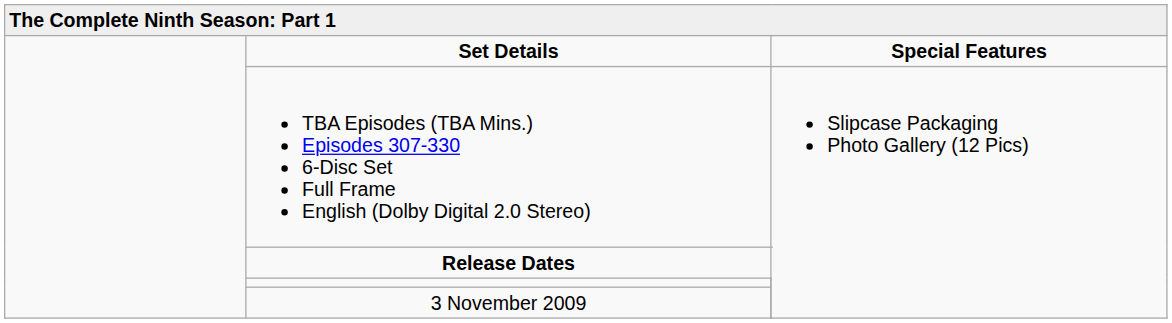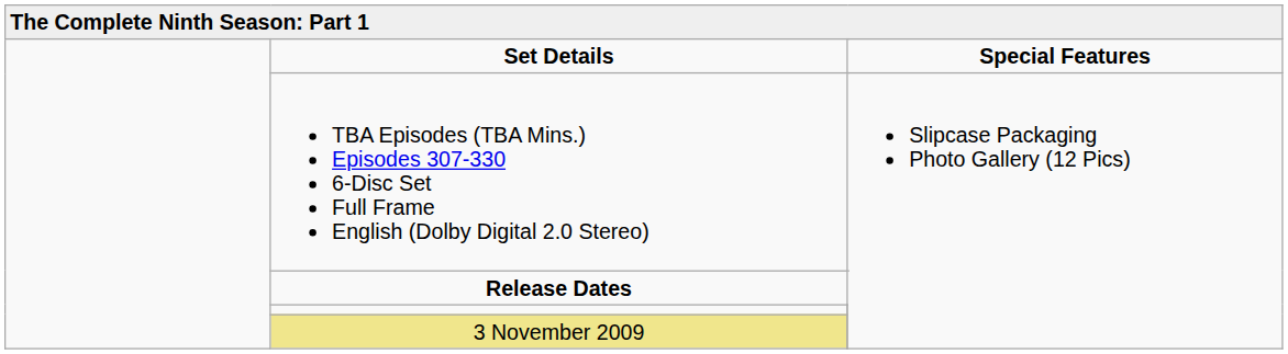 <table class="wikitable" style="font-size: 95%;">
 <tr style="background:#EFEFEF">
 <td colspan="5"><strong>The Complete Ninth Season: Part 1</strong></td>
 </tr>
 <tr>
 <td rowspan="6" align="center" width="180"></td>
 <td align="center" width="350" colspan="3"><strong>Set Details</strong></td>
 <td width="250" align="center"><strong>Special Features</strong></td>
 </tr>
 <tr valign="top">
 <td colspan="3" align="left" width="400"><br><ul><li>TBA Episodes (TBA Mins.)</li><li><a href='#'>Episodes 307-330</a></li><li>6-Disc Set</li><li>Full Frame</li><li>English (Dolby Digital 2.0 Stereo)</li></ul></td>
 <td rowspan="4" align="left" width="300"><br><ul><li>Slipcase Packaging</li><li>Photo Gallery (12 Pics)</li></ul></td>
 </tr>
 <tr>
 <td colspan="3" align="center"><strong>Release Dates</strong></td>
 </tr>
 <tr>
 <td align="center"></td>
 </tr>
 <tr>
-<td align="center">3 November 2009</td>
+<td align="center" style="background: khaki;">3 November 2009</td>
 </tr>
 </table>
